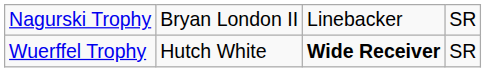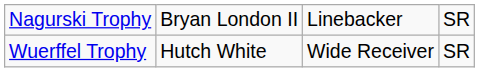 <table class="wikitable">
 <tr>
 <td><a href='#'>Nagurski Trophy</a></td>
 <td>Bryan London II</td>
 <td>Linebacker</td>
 <td>SR</td>
 </tr>
 <tr>
 <td><a href='#'>Wuerffel Trophy</a></td>
 <td>Hutch White</td>
-<td><strong>Wide Receiver</strong></td>
+<td>Wide Receiver</td>
 <td>SR</td>
 </tr>
 </table>
